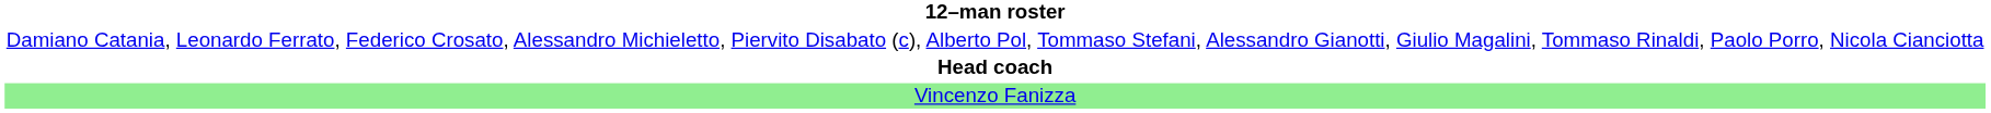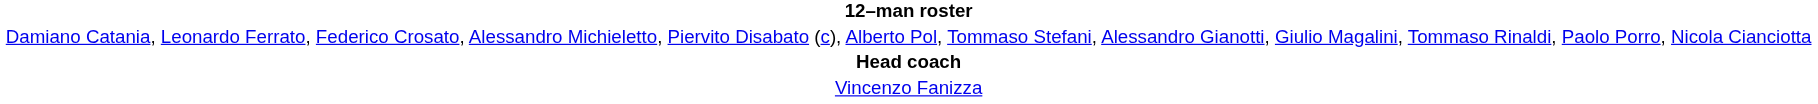 <table style="text-align:center; margin-top:2em; margin-left:auto; margin-right:auto">
 <tr>
 <td><strong>12–man roster</strong></td>
 </tr>
 <tr>
 <td><a href='#'>Damiano Catania</a>, <a href='#'>Leonardo Ferrato</a>, <a href='#'>Federico Crosato</a>, <a href='#'>Alessandro Michieletto</a>, <a href='#'>Piervito Disabato</a> (<a href='#'>c</a>), <a href='#'>Alberto Pol</a>, <a href='#'>Tommaso Stefani</a>, <a href='#'>Alessandro Gianotti</a>, <a href='#'>Giulio Magalini</a>, <a href='#'>Tommaso Rinaldi</a>, <a href='#'>Paolo Porro</a>, <a href='#'>Nicola Cianciotta</a></td>
 </tr>
 <tr>
 <td><strong>Head coach</strong></td>
 </tr>
 <tr>
-<td style="background: lightgreen;"><a href='#'>Vincenzo Fanizza</a></td>
+<td><a href='#'>Vincenzo Fanizza</a></td>
 </tr>
 </table>
